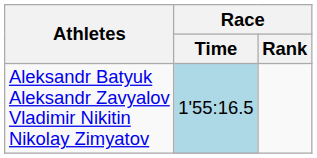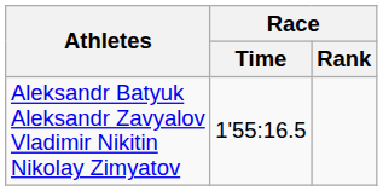 <table class="wikitable" border="1" style="font-size:90%">
 <tr>
 <th rowspan=2>Athletes</th>
 <th colspan=2>Race</th>
 </tr>
 <tr>
 <th>Time</th>
 <th>Rank</th>
 </tr>
 <tr>
 <td><a href='#'>Aleksandr Batyuk</a><br><a href='#'>Aleksandr Zavyalov</a><br><a href='#'>Vladimir Nikitin</a><br><a href='#'>Nikolay Zimyatov</a></td>
-<td align=center style="background: lightblue;">1'55:16.5</td>
+<td align=center>1'55:16.5</td>
 <td align=center></td>
 </tr>
 </table>
